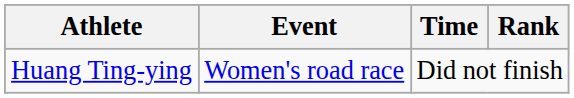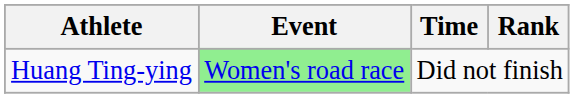 <table class="wikitable" style="font-size:90%">
 <tr>
 <th>Athlete</th>
 <th>Event</th>
 <th>Time</th>
 <th>Rank</th>
 </tr>
 <tr align=center>
 <td align=left><a href='#'>Huang Ting-ying</a></td>
-<td align=left><a href='#'>Women's road race</a></td>
+<td align=left style="background: lightgreen;"><a href='#'>Women's road race</a></td>
 <td colspan=2>Did not finish</td>
 </tr>
 </table>
